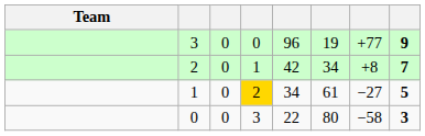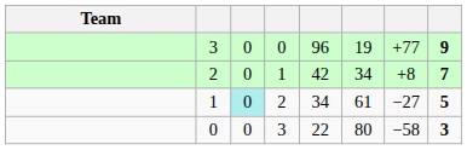 <table class="wikitable" style="text-align:center;">
 <tr>
 <th style="width:10.5em;">Team</th>
 <th style="width:1.5em;"></th>
 <th style="width:1.5em;"></th>
 <th style="width:1.5em;"></th>
 <th style="width:2.0em;"></th>
 <th style="width:2.0em;"></th>
 <th style="width:2.0em;"></th>
 <th style="width:1.5em;"></th>
 </tr>
 <tr bgcolor=#cfc>
 <td align="left"></td>
 <td>3</td>
 <td>0</td>
 <td>0</td>
 <td>96</td>
 <td>19</td>
 <td>+77</td>
 <td><strong>9</strong></td>
 </tr>
 <tr bgcolor=#cfc>
 <td align="left"></td>
 <td>2</td>
 <td>0</td>
 <td>1</td>
 <td>42</td>
 <td>34</td>
 <td>+8</td>
 <td><strong>7</strong></td>
 </tr>
 <tr>
 <td align="left"></td>
 <td>1</td>
-<td>0</td>
-<td style="background: gold;">2</td>
+<td style="background: paleturquoise;">0</td>
+<td>2</td>
 <td>34</td>
 <td>61</td>
 <td>−27</td>
 <td><strong>5</strong></td>
 </tr>
 <tr>
 <td align="left"></td>
 <td>0</td>
 <td>0</td>
 <td>3</td>
 <td>22</td>
 <td>80</td>
 <td>−58</td>
 <td><strong>3</strong></td>
 </tr>
 </table>
